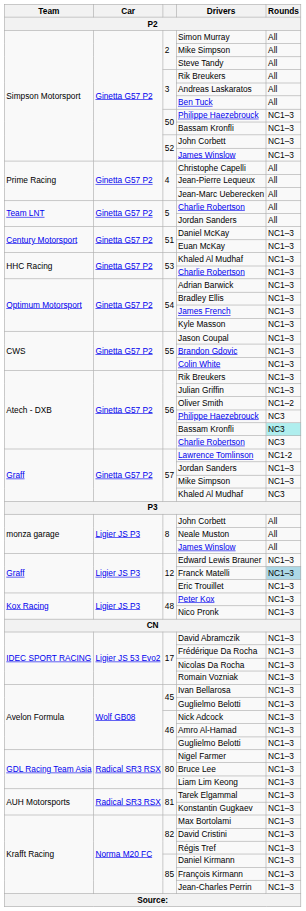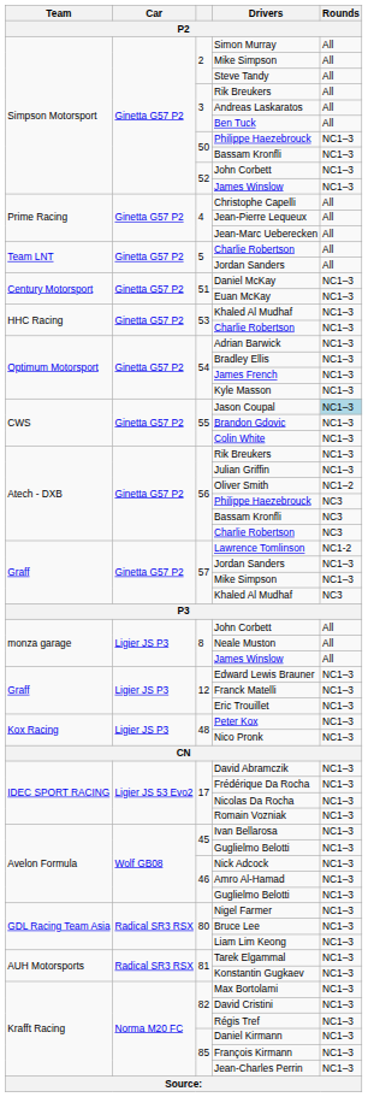 <table class="wikitable" style="font-size: 85%;">
 <tr>
 <th>Team</th>
 <th>Car</th>
 <th></th>
 <th>Drivers</th>
 <th>Rounds</th>
 </tr>
 <tr>
 <th colspan=5>P2</th>
 </tr>
 <tr>
 <td rowspan=10> Simpson Motorsport</td>
 <td rowspan=10><a href='#'>Ginetta G57 P2</a></td>
 <td rowspan=3>2</td>
 <td> Simon Murray</td>
 <td>All</td>
 </tr>
 <tr>
 <td> Mike Simpson</td>
 <td>All</td>
 </tr>
 <tr>
 <td> Steve Tandy</td>
 <td>All</td>
 </tr>
 <tr>
 <td rowspan=3>3</td>
 <td> Rik Breukers</td>
 <td>All</td>
 </tr>
 <tr>
 <td> Andreas Laskaratos</td>
 <td>All</td>
 </tr>
 <tr>
 <td> <a href='#'>Ben Tuck</a></td>
 <td>All</td>
 </tr>
 <tr>
 <td rowspan=2>50</td>
 <td> <a href='#'>Philippe Haezebrouck</a></td>
 <td>NC1–3</td>
 </tr>
 <tr>
 <td> Bassam Kronfli</td>
 <td>NC1–3</td>
 </tr>
 <tr>
 <td rowspan=2>52</td>
 <td> John Corbett</td>
 <td>NC1–3</td>
 </tr>
 <tr>
 <td> <a href='#'>James Winslow</a></td>
 <td>NC1–3</td>
 </tr>
 <tr>
 <td rowspan=3> Prime Racing</td>
 <td rowspan=3><a href='#'>Ginetta G57 P2</a></td>
 <td rowspan=3>4</td>
 <td> Christophe Capelli</td>
 <td>All</td>
 </tr>
 <tr>
 <td> Jean-Pierre Lequeux</td>
 <td>All</td>
 </tr>
 <tr>
 <td> Jean-Marc Ueberecken</td>
 <td>All</td>
 </tr>
 <tr>
 <td rowspan=2> <a href='#'>Team LNT</a></td>
 <td rowspan=2><a href='#'>Ginetta G57 P2</a></td>
 <td rowspan=2>5</td>
 <td> <a href='#'>Charlie Robertson</a></td>
 <td>All</td>
 </tr>
 <tr>
 <td> Jordan Sanders</td>
 <td>All</td>
 </tr>
 <tr>
 <td rowspan=2> <a href='#'>Century Motorsport</a></td>
 <td rowspan=2><a href='#'>Ginetta G57 P2</a></td>
 <td rowspan=2>51</td>
 <td> Daniel McKay</td>
 <td>NC1–3</td>
 </tr>
 <tr>
 <td> Euan McKay</td>
 <td>NC1–3</td>
 </tr>
 <tr>
 <td rowspan=2> HHC Racing</td>
 <td rowspan=2><a href='#'>Ginetta G57 P2</a></td>
 <td rowspan=2>53</td>
 <td> Khaled Al Mudhaf</td>
 <td>NC1–3</td>
 </tr>
 <tr>
 <td> <a href='#'>Charlie Robertson</a></td>
 <td>NC1–3</td>
 </tr>
 <tr>
 <td rowspan=4> <a href='#'>Optimum Motorsport</a></td>
 <td rowspan=4><a href='#'>Ginetta G57 P2</a></td>
 <td rowspan=4>54</td>
 <td> Adrian Barwick</td>
 <td>NC1–3</td>
 </tr>
 <tr>
 <td> Bradley Ellis</td>
 <td>NC1–3</td>
 </tr>
 <tr>
 <td> <a href='#'>James French</a></td>
 <td>NC1–3</td>
 </tr>
 <tr>
 <td> Kyle Masson</td>
 <td>NC1–3</td>
 </tr>
 <tr>
 <td rowspan=3> CWS</td>
 <td rowspan=3><a href='#'>Ginetta G57 P2</a></td>
 <td rowspan=3>55</td>
 <td> Jason Coupal</td>
-<td>NC1–3</td>
+<td style="background: lightblue;">NC1–3</td>
 </tr>
 <tr>
 <td> <a href='#'>Brandon Gdovic</a></td>
 <td>NC1–3</td>
 </tr>
 <tr>
 <td> <a href='#'>Colin White</a></td>
 <td>NC1–3</td>
 </tr>
 <tr>
 <td rowspan=6> Atech - DXB</td>
 <td rowspan=6><a href='#'>Ginetta G57 P2</a></td>
 <td rowspan=6>56</td>
 <td> Rik Breukers</td>
 <td>NC1–3</td>
 </tr>
 <tr>
 <td> Julian Griffin</td>
 <td>NC1–3</td>
 </tr>
 <tr>
 <td> Oliver Smith</td>
 <td>NC1–2</td>
 </tr>
 <tr>
 <td> <a href='#'>Philippe Haezebrouck</a></td>
 <td>NC3</td>
 </tr>
 <tr>
 <td> Bassam Kronfli</td>
-<td style="background: paleturquoise;">NC3</td>
+<td>NC3</td>
 </tr>
 <tr>
 <td> <a href='#'>Charlie Robertson</a></td>
 <td>NC3</td>
 </tr>
 <tr>
 <td rowspan=4> <a href='#'>Graff</a></td>
 <td rowspan=4><a href='#'>Ginetta G57 P2</a></td>
 <td rowspan=4>57</td>
 <td> <a href='#'>Lawrence Tomlinson</a></td>
 <td>NC1-2</td>
 </tr>
 <tr>
 <td> Jordan Sanders</td>
 <td>NC1–3</td>
 </tr>
 <tr>
 <td> Mike Simpson</td>
 <td>NC1–3</td>
 </tr>
 <tr>
 <td> Khaled Al Mudhaf</td>
 <td>NC3</td>
 </tr>
 <tr>
 <th colspan=5>P3</th>
 </tr>
 <tr>
 <td rowspan=3> monza garage</td>
 <td rowspan=3><a href='#'>Ligier JS P3</a></td>
 <td rowspan=3>8</td>
 <td> John Corbett</td>
 <td>All</td>
 </tr>
 <tr>
 <td> Neale Muston</td>
 <td>All</td>
 </tr>
 <tr>
 <td> <a href='#'>James Winslow</a></td>
 <td>All</td>
 </tr>
 <tr>
 <td rowspan=3> <a href='#'>Graff</a></td>
 <td rowspan=3><a href='#'>Ligier JS P3</a></td>
 <td rowspan=3>12</td>
 <td> Edward Lewis Brauner</td>
 <td>NC1–3</td>
 </tr>
 <tr>
 <td> Franck Matelli</td>
-<td style="background: lightblue;">NC1–3</td>
+<td>NC1–3</td>
 </tr>
 <tr>
 <td> Eric Trouillet</td>
 <td>NC1–3</td>
 </tr>
 <tr>
 <td rowspan=2> <a href='#'>Kox Racing</a></td>
 <td rowspan=2><a href='#'>Ligier JS P3</a></td>
 <td rowspan=2>48</td>
 <td> <a href='#'>Peter Kox</a></td>
 <td>NC1–3</td>
 </tr>
 <tr>
 <td> Nico Pronk</td>
 <td>NC1–3</td>
 </tr>
 <tr>
 <th colspan=5>CN</th>
 </tr>
 <tr>
 <td rowspan=4> <a href='#'>IDEC SPORT RACING</a></td>
 <td rowspan=4><a href='#'>Ligier JS 53 Evo2</a></td>
 <td rowspan=4>17</td>
 <td> David Abramczik</td>
 <td>NC1–3</td>
 </tr>
 <tr>
 <td> Frédérique Da Rocha</td>
 <td>NC1–3</td>
 </tr>
 <tr>
 <td> Nicolas Da Rocha</td>
 <td>NC1–3</td>
 </tr>
 <tr>
 <td> Romain Vozniak</td>
 <td>NC1–3</td>
 </tr>
 <tr>
 <td rowspan=5> Avelon Formula</td>
 <td rowspan=5><a href='#'>Wolf GB08</a></td>
 <td rowspan=2>45</td>
 <td> Ivan Bellarosa</td>
 <td>NC1–3</td>
 </tr>
 <tr>
 <td> Guglielmo Belotti</td>
 <td>NC1–3</td>
 </tr>
 <tr>
 <td rowspan=3>46</td>
 <td> Nick Adcock</td>
 <td>NC1–3</td>
 </tr>
 <tr>
 <td> Amro Al-Hamad</td>
 <td>NC1–3</td>
 </tr>
 <tr>
 <td> Guglielmo Belotti</td>
 <td>NC1–3</td>
 </tr>
 <tr>
 <td rowspan=3> <a href='#'>GDL Racing Team Asia</a></td>
 <td rowspan=3><a href='#'>Radical SR3 RSX</a></td>
 <td rowspan=3>80</td>
 <td> Nigel Farmer</td>
 <td>NC1–3</td>
 </tr>
 <tr>
 <td> Bruce Lee</td>
 <td>NC1–3</td>
 </tr>
 <tr>
 <td> Liam Lim Keong</td>
 <td>NC1–3</td>
 </tr>
 <tr>
 <td rowspan=2> AUH Motorsports</td>
 <td rowspan=2><a href='#'>Radical SR3 RSX</a></td>
 <td rowspan=2>81</td>
 <td> Tarek Elgammal</td>
 <td>NC1–3</td>
 </tr>
 <tr>
 <td> Konstantin Gugkaev</td>
 <td>NC1–3</td>
 </tr>
 <tr>
 <td rowspan=6> Krafft Racing</td>
 <td rowspan=6><a href='#'>Norma M20 FC</a></td>
 <td rowspan=3>82</td>
 <td> Max Bortolami</td>
 <td>NC1–3</td>
 </tr>
 <tr>
 <td> David Cristini</td>
 <td>NC1–3</td>
 </tr>
 <tr>
 <td> Régis Tref</td>
 <td>NC1–3</td>
 </tr>
 <tr>
 <td rowspan=3>85</td>
 <td> Daniel Kirmann</td>
 <td>NC1–3</td>
 </tr>
 <tr>
 <td> François Kirmann</td>
 <td>NC1–3</td>
 </tr>
 <tr>
 <td> Jean-Charles Perrin</td>
 <td>NC1–3</td>
 </tr>
 <tr>
 <th colspan=5>Source:</th>
 </tr>
 </table>
